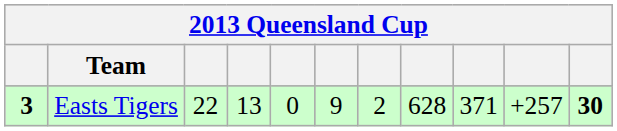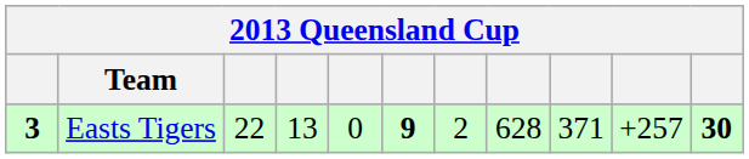 <table class="wikitable" style="text-align:center;">
 <tr>
 <th colspan="11"><a href='#'>2013 Queensland Cup</a></th>
 </tr>
 <tr>
 <th width="20"></th>
 <th>Team</th>
 <th width="20"></th>
 <th width="20"></th>
 <th width="20"></th>
 <th width="20"></th>
 <th width="20"></th>
 <th width="25"></th>
 <th width="25"></th>
 <th width="30"></th>
 <th width="20"></th>
 </tr>
 <tr style="background: #ccffcc;">
 <td><strong>3</strong></td>
 <td style="text-align:left;"> <a href='#'>Easts Tigers</a></td>
 <td>22</td>
 <td>13</td>
 <td>0</td>
-<td>9</td>
+<td><strong>9</strong></td>
 <td>2</td>
 <td>628</td>
 <td>371</td>
 <td>+257</td>
 <td><strong>30</strong></td>
 </tr>
 </table>
